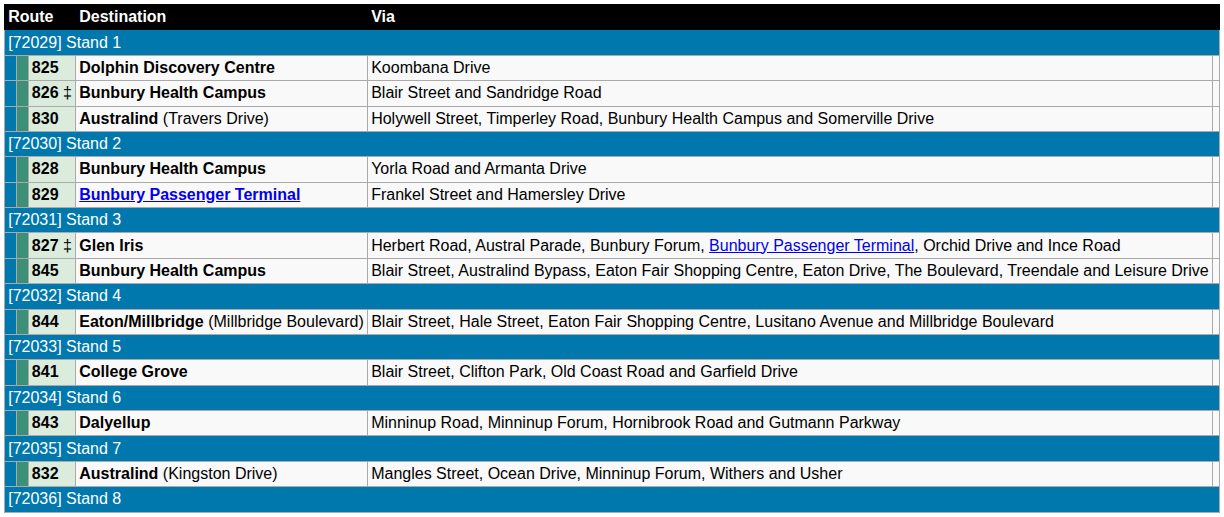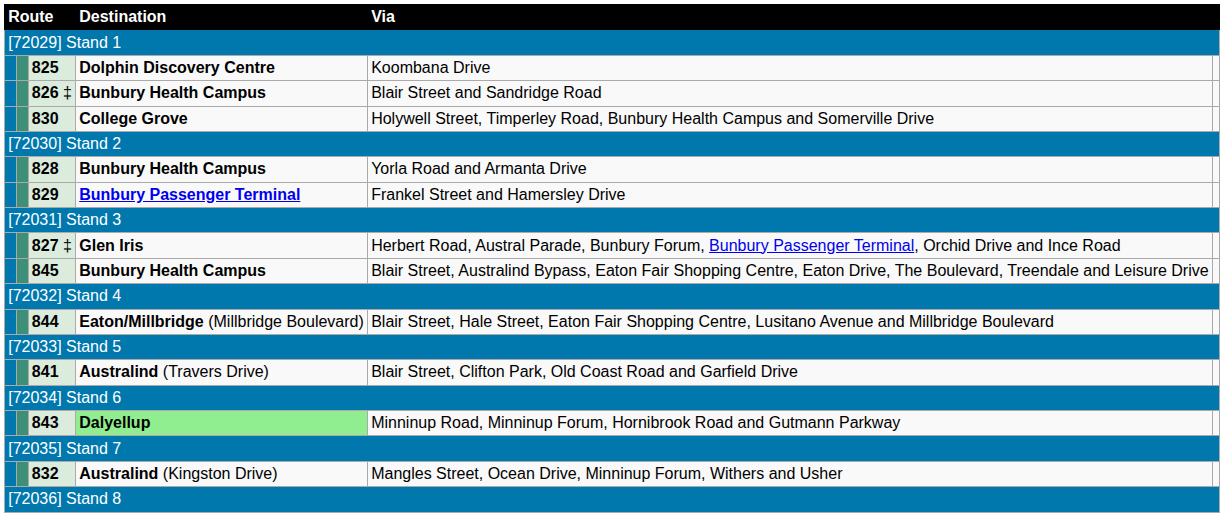 <table class="wikitable" style="float: none; margin-center: 1em; margin-bottom: 0.5em; border: black solid 1px">
 <tr style="color:white; background:black;">
 <td colspan="3" style="border: black solid 1px;"><strong>Route</strong></td>
 <td style="border: black solid 1px;"><strong>Destination</strong></td>
 <td style="border: black solid 1px;"><strong>Via</strong></td>
 <td style="border: black solid 1px;"><strong></strong></td>
 </tr>
 <tr>
 <td colspan="6" style="color:white; background:#0078AE;">[72029] Stand 1</td>
 </tr>
 <tr>
 <td style="background:#0078AE;"> </td>
 <td style="background:#3D8F78;"> </td>
 <td style="background:#DBEBDC;"><strong>825</strong></td>
 <td><strong>Dolphin Discovery Centre</strong></td>
 <td>Koombana Drive</td>
 <td style="text-align:center;"></td>
 </tr>
 <tr>
 <td style="background:#0078AE;"> </td>
 <td style="background:#3D8F78;"> </td>
 <td style="background:#DBEBDC;"><strong>826</strong> ‡</td>
 <td><strong>Bunbury Health Campus</strong></td>
 <td>Blair Street and Sandridge Road</td>
 <td style="text-align:center;"></td>
 </tr>
 <tr>
 <td style="background:#0078AE;"> </td>
 <td style="background:#3D8F78;"> </td>
 <td style="background:#DBEBDC;"><strong>830</strong></td>
-<td><strong>Australind</strong> (Travers Drive)</td>
+<td><strong>College Grove</strong></td>
 <td>Holywell Street, Timperley Road, Bunbury Health Campus and Somerville Drive</td>
 <td style="text-align:center;"></td>
 </tr>
 <tr>
 <td colspan="6" style="color:white; background:#0078AE;">[72030] Stand 2</td>
 </tr>
 <tr>
 <td style="background:#0078AE;"> </td>
 <td style="background:#3D8F78;"> </td>
 <td style="background:#DBEBDC;"><strong>828</strong></td>
 <td><strong>Bunbury Health Campus</strong></td>
 <td>Yorla Road and Armanta Drive</td>
 <td style="text-align:center;"></td>
 </tr>
 <tr>
 <td style="background:#0078AE;"> </td>
 <td style="background:#3D8F78;"> </td>
 <td style="background:#DBEBDC;"><strong>829</strong></td>
 <td><strong><a href='#'>Bunbury Passenger Terminal</a></strong></td>
 <td>Frankel Street and Hamersley Drive</td>
 <td style="text-align:center;"></td>
 </tr>
 <tr>
 <td colspan="6" style="color:white; background:#0078AE;">[72031] Stand 3</td>
 </tr>
 <tr>
 <td style="background:#0078AE;"> </td>
 <td style="background:#3D8F78;"> </td>
 <td style="background:#DBEBDC;"><strong>827</strong> ‡</td>
 <td><strong>Glen Iris</strong></td>
 <td>Herbert Road, Austral Parade, Bunbury Forum, <a href='#'>Bunbury Passenger Terminal</a>, Orchid Drive and Ince Road</td>
 <td style="text-align:center;"></td>
 </tr>
 <tr>
 <td style="background:#0078AE;"> </td>
 <td style="background:#3D8F78;"> </td>
 <td style="background:#DBEBDC;"><strong>845</strong></td>
 <td><strong>Bunbury Health Campus</strong></td>
 <td>Blair Street, Australind Bypass, Eaton Fair Shopping Centre, Eaton Drive, The Boulevard, Treendale and Leisure Drive</td>
 <td style="text-align:center;"></td>
 </tr>
 <tr>
 <td colspan="6" style="color:white; background:#0078AE;">[72032] Stand 4</td>
 </tr>
 <tr>
 <td style="background:#0078AE;"> </td>
 <td style="background:#3D8F78;"> </td>
 <td style="background:#DBEBDC;"><strong>844</strong></td>
 <td><strong>Eaton/Millbridge</strong> (Millbridge Boulevard)</td>
 <td>Blair Street, Hale Street, Eaton Fair Shopping Centre, Lusitano Avenue and Millbridge Boulevard</td>
 <td style="text-align:center;"></td>
 </tr>
 <tr>
 <td colspan="6" style="color:white; background:#0078AE;">[72033] Stand 5</td>
 </tr>
 <tr>
 <td style="background:#0078AE;"> </td>
 <td style="background:#3D8F78;"> </td>
 <td style="background:#DBEBDC;"><strong>841</strong></td>
-<td><strong>College Grove</strong></td>
+<td><strong>Australind</strong> (Travers Drive)</td>
 <td>Blair Street, Clifton Park, Old Coast Road and Garfield Drive</td>
 <td style="text-align:center;"></td>
 </tr>
 <tr>
 <td colspan="6" style="color:white; background:#0078AE;">[72034] Stand 6</td>
 </tr>
 <tr>
 <td style="background:#0078AE;"> </td>
 <td style="background:#3D8F78;"> </td>
 <td style="background:#DBEBDC;"><strong>843</strong></td>
-<td><strong>Dalyellup</strong></td>
+<td style="background: lightgreen;"><strong>Dalyellup</strong></td>
 <td>Minninup Road, Minninup Forum, Hornibrook Road and Gutmann Parkway</td>
 <td style="text-align:center;"></td>
 </tr>
 <tr>
 <td colspan="6" style="color:white; background:#0078AE;">[72035] Stand 7</td>
 </tr>
 <tr>
 <td style="background:#0078AE;"> </td>
 <td style="background:#3D8F78;"> </td>
 <td style="background:#DBEBDC;"><strong>832</strong></td>
 <td><strong>Australind</strong> (Kingston Drive)</td>
 <td>Mangles Street, Ocean Drive, Minninup Forum, Withers and Usher</td>
 <td style="text-align:center;"></td>
 </tr>
 <tr>
 <td colspan="6" style="color:white; background:#0078AE;">[72036] Stand 8</td>
 </tr>
 </table>
